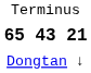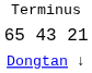 <table style="text-align:center; margin-left:1.5em;">
 <tr>
 <td><small>Terminus</small></td>
 </tr>
 <tr>
-<td><strong> <span>65</span>   <span>43</span>   <span>21</span> </strong></td>
+<td> <span>65</span>   <span>43</span>   <span>21</span> </td>
 </tr>
 <tr>
 <td><small><a href='#'>Dongtan</a> ↓</small></td>
 </tr>
 </table>
